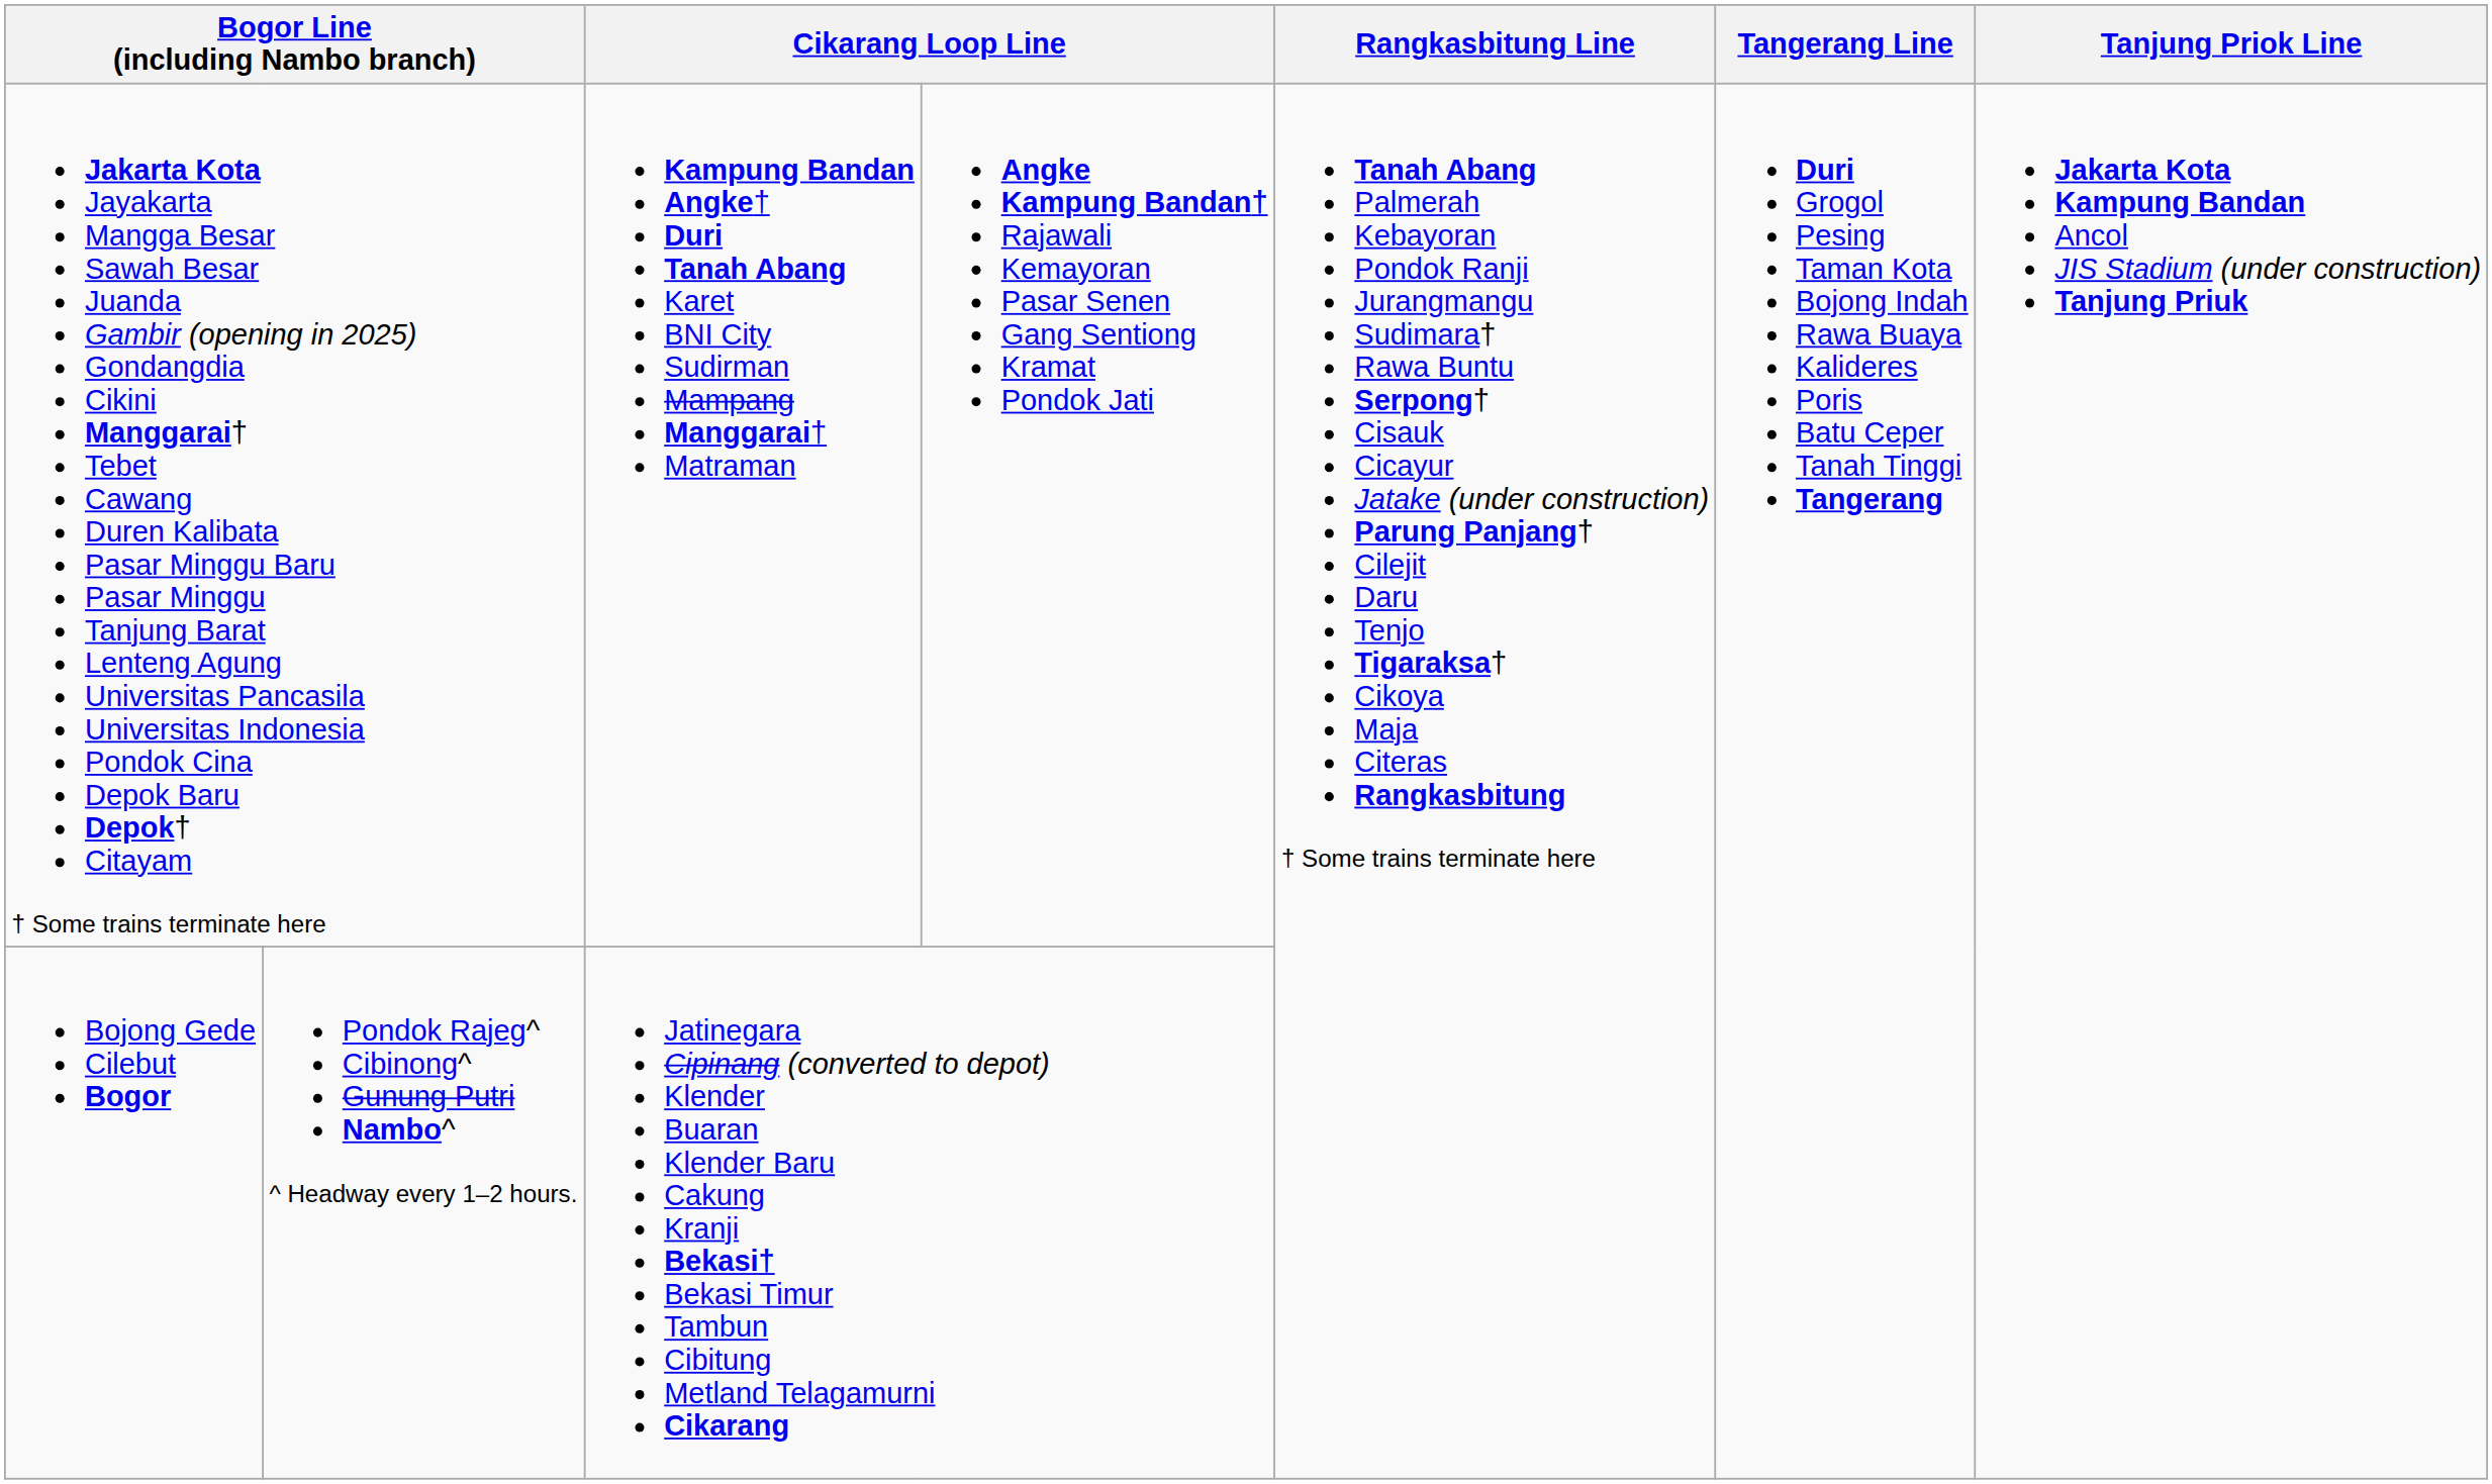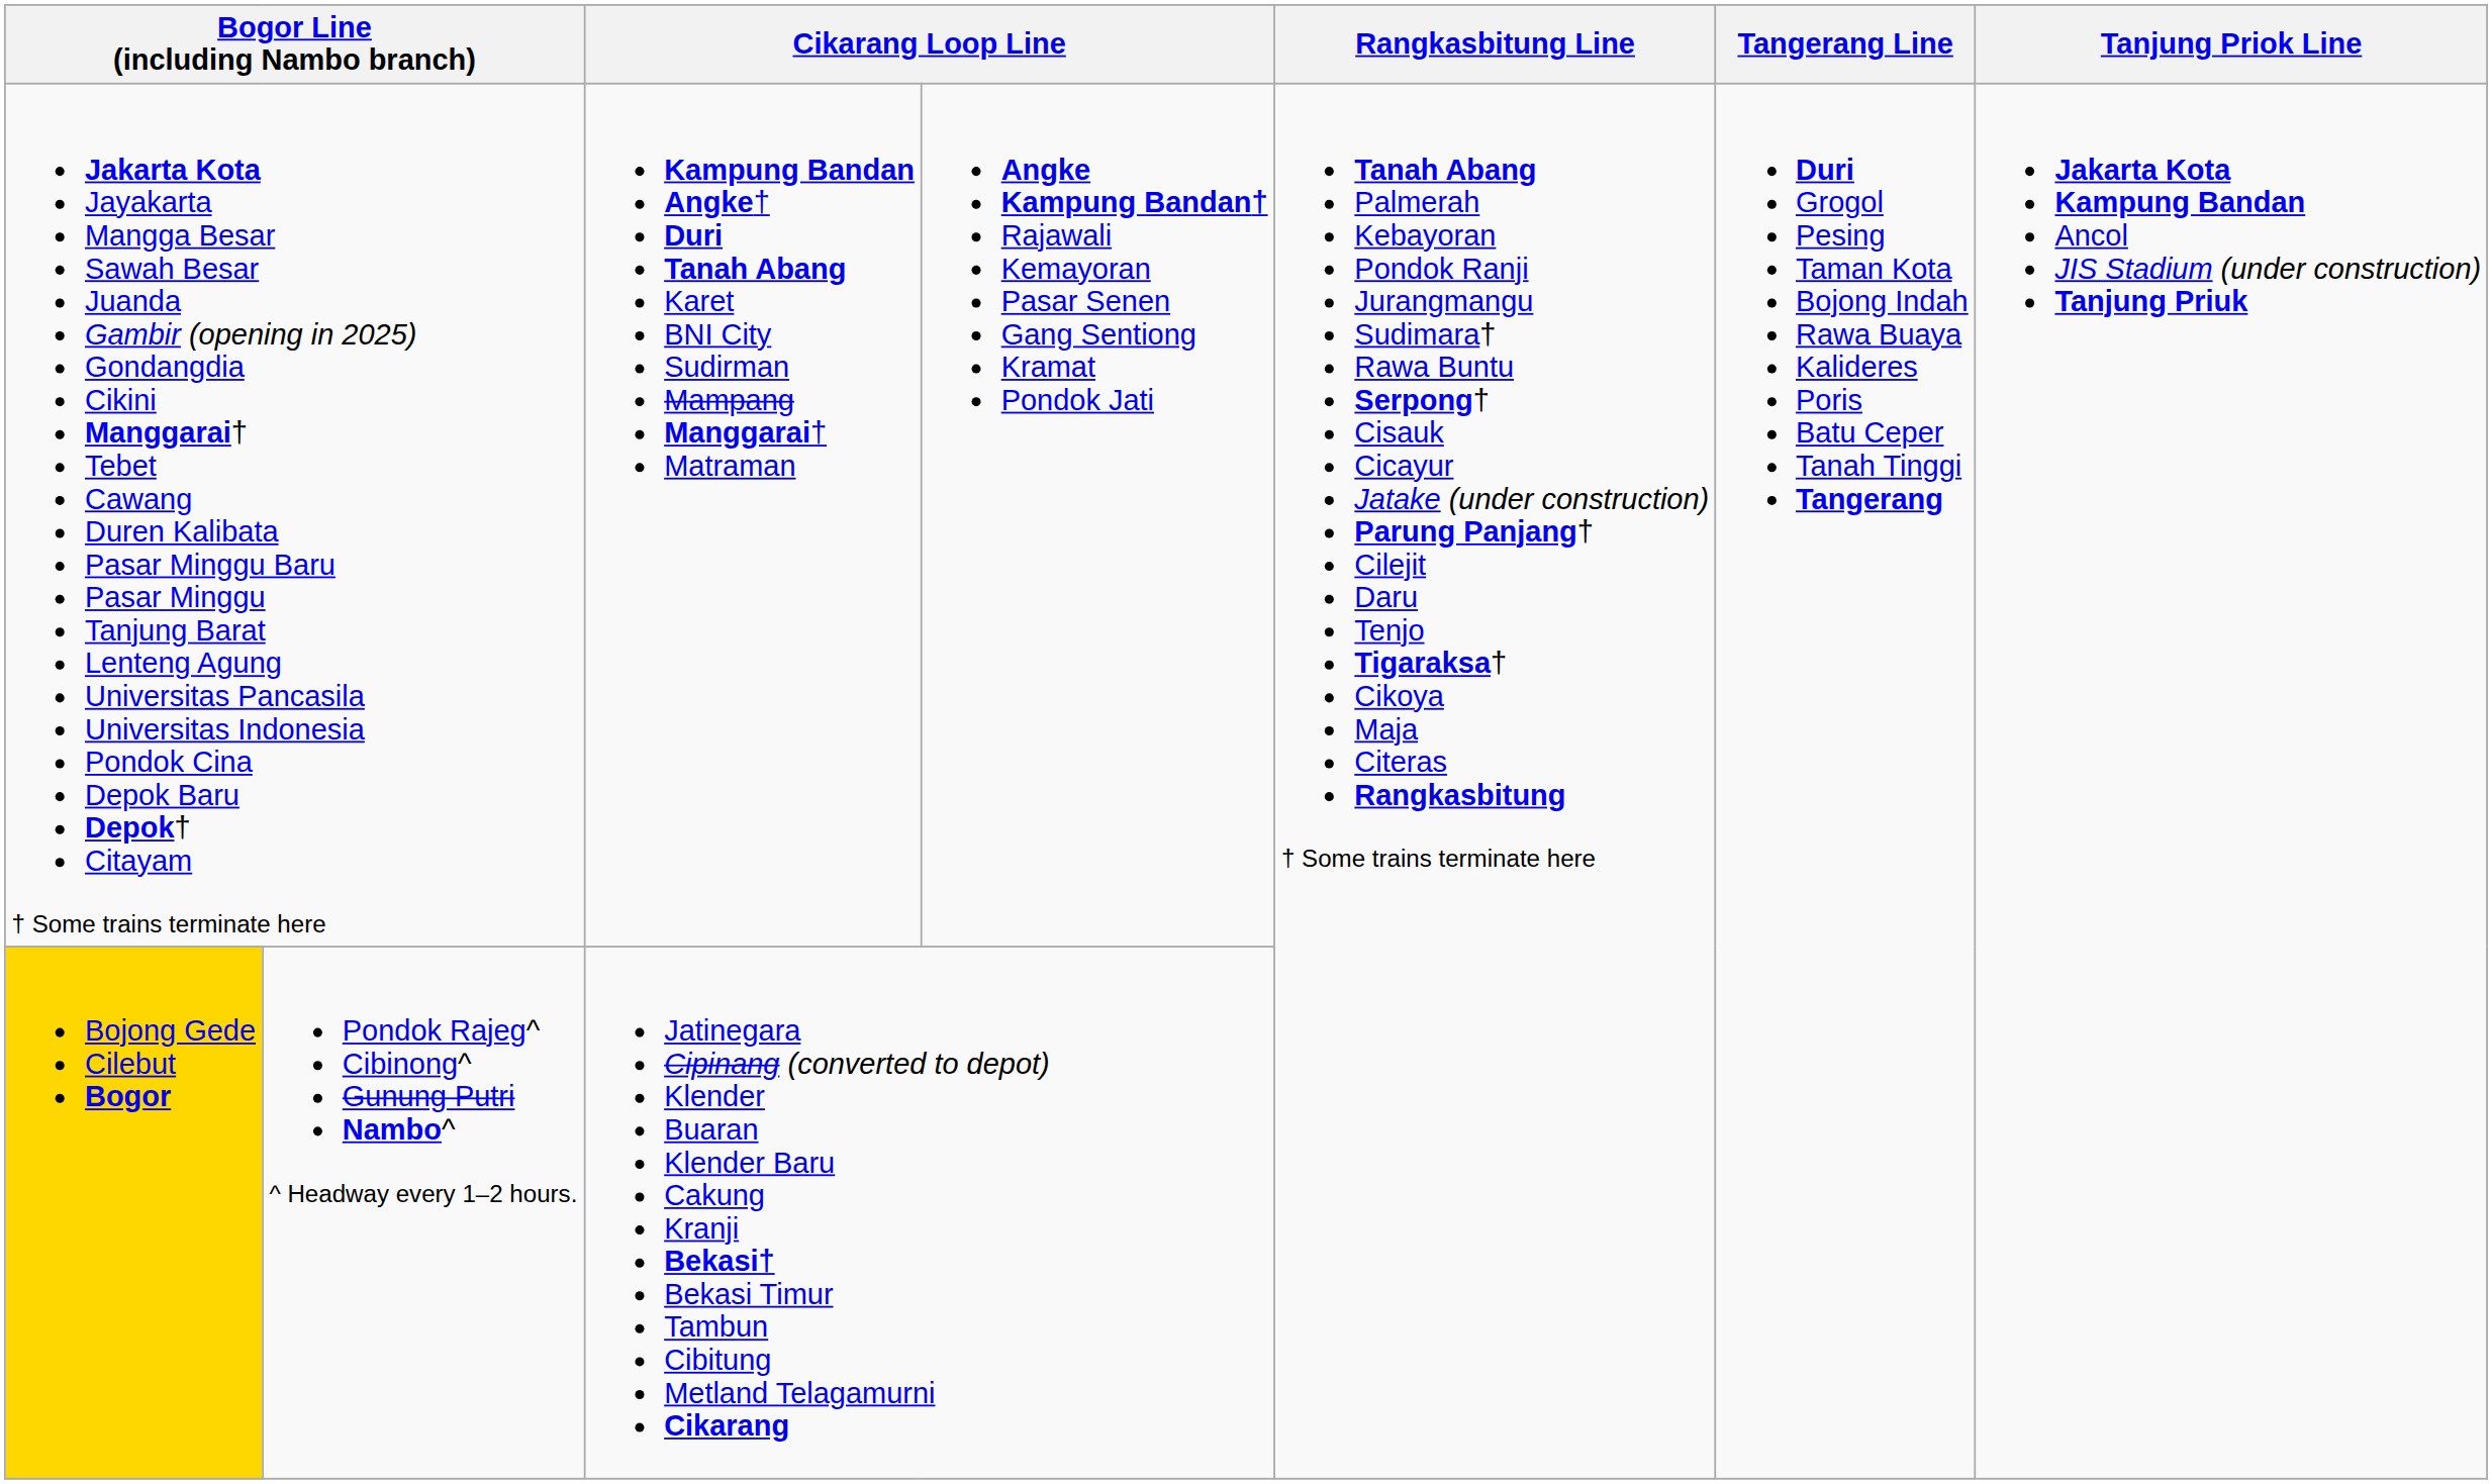 <table class="wikitable">
 <tr>
 <th colspan="2"> <a href='#'>Bogor Line</a><br>(including Nambo branch)</th>
 <th colspan="2"> <a href='#'>Cikarang Loop Line</a></th>
 <th> <a href='#'>Rangkasbitung Line</a></th>
 <th> <a href='#'>Tangerang Line</a></th>
 <th> <a href='#'>Tanjung Priok Line</a></th>
 </tr>
 <tr>
 <td colspan="2" valign="top"><br><ul><li><strong><a href='#'>Jakarta Kota</a></strong></li><li><a href='#'>Jayakarta</a></li><li><a href='#'>Mangga Besar</a></li><li><a href='#'>Sawah Besar</a></li><li><a href='#'>Juanda</a></li><li><em><a href='#'>Gambir</a> (opening in 2025)</em></li><li><a href='#'>Gondangdia</a></li><li><a href='#'>Cikini</a></li><li><strong><a href='#'>Manggarai</a></strong>†</li><li><a href='#'>Tebet</a></li><li><a href='#'>Cawang</a></li><li><a href='#'>Duren Kalibata</a></li><li><a href='#'>Pasar Minggu Baru</a></li><li><a href='#'>Pasar Minggu</a></li><li><a href='#'>Tanjung Barat</a></li><li><a href='#'>Lenteng Agung</a></li><li><a href='#'>Universitas Pancasila</a></li><li><a href='#'>Universitas Indonesia</a></li><li><a href='#'>Pondok Cina</a></li><li><a href='#'>Depok Baru</a></li><li><strong><a href='#'>Depok</a></strong>†</li><li><a href='#'>Citayam</a></li></ul><small>† Some trains terminate here</small></td>
 <td valign="top"><br><ul><li><a href='#'><strong>Kampung Bandan</strong></a></li><li><a href='#'><strong>Angke</strong>†</a></li><li><a href='#'><strong>Duri</strong></a></li><li><a href='#'><strong>Tanah Abang</strong></a></li><li><a href='#'>Karet</a></li><li><a href='#'>BNI City</a></li><li><a href='#'>Sudirman</a></li><li><a href='#'><s>Mampang</s></a></li><li><strong><a href='#'>Manggarai</a></strong><a href='#'>†</a></li><li><a href='#'>Matraman</a></li></ul></td>
 <td valign="top"><br><ul><li><strong><a href='#'>Angke</a></strong></li><li><a href='#'><strong>Kampung Bandan</strong></a><strong><a href='#'>†</a></strong></li><li><a href='#'>Rajawali</a></li><li><a href='#'>Kemayoran</a></li><li><a href='#'>Pasar Senen</a></li><li><a href='#'>Gang Sentiong</a></li><li><a href='#'>Kramat</a></li><li><a href='#'>Pondok Jati</a></li></ul></td>
 <td rowspan="2" valign="top"><br><ul><li><strong><a href='#'>Tanah Abang</a></strong></li><li><a href='#'>Palmerah</a></li><li><a href='#'>Kebayoran</a></li><li><a href='#'>Pondok Ranji</a></li><li><a href='#'>Jurangmangu</a></li><li><a href='#'>Sudimara</a>†</li><li><a href='#'>Rawa Buntu</a></li><li><strong><a href='#'>Serpong</a></strong>†</li><li><a href='#'>Cisauk</a></li><li><a href='#'>Cicayur</a></li><li><em><a href='#'>Jatake</a> (under construction)</em></li><li><strong><a href='#'>Parung Panjang</a></strong>†</li><li><a href='#'>Cilejit</a></li><li><a href='#'>Daru</a></li><li><a href='#'>Tenjo</a></li><li><strong><a href='#'>Tigaraksa</a></strong>†</li><li><a href='#'>Cikoya</a></li><li><a href='#'>Maja</a></li><li><a href='#'>Citeras</a></li><li><strong><a href='#'>Rangkasbitung</a></strong></li></ul><small>† Some trains terminate here</small></td>
 <td rowspan="2" valign="top"><br><ul><li><strong><a href='#'>Duri</a></strong></li><li><a href='#'>Grogol</a></li><li><a href='#'>Pesing</a></li><li><a href='#'>Taman Kota</a></li><li><a href='#'>Bojong Indah</a></li><li><a href='#'>Rawa Buaya</a></li><li><a href='#'>Kalideres</a></li><li><a href='#'>Poris</a></li><li><a href='#'>Batu Ceper</a></li><li><a href='#'>Tanah Tinggi</a></li><li><strong><a href='#'>Tangerang</a></strong></li></ul></td>
 <td rowspan="2" valign="top"><br><ul><li><strong><a href='#'>Jakarta Kota</a></strong></li><li><strong><a href='#'>Kampung Bandan</a></strong></li><li><a href='#'>Ancol</a></li><li><em><a href='#'>JIS Stadium</a> (under construction)</em></li><li><strong><a href='#'>Tanjung Priuk</a></strong></li></ul></td>
 </tr>
 <tr>
-<td valign="top"><br><ul><li><a href='#'>Bojong Gede</a></li><li><a href='#'>Cilebut</a></li><li><strong><a href='#'>Bogor</a></strong></li></ul></td>
+<td valign="top" style="background: gold;"><br><ul><li><a href='#'>Bojong Gede</a></li><li><a href='#'>Cilebut</a></li><li><strong><a href='#'>Bogor</a></strong></li></ul></td>
 <td valign="top"><br><ul><li><a href='#'>Pondok Rajeg</a>^</li><li><a href='#'>Cibinong</a>^</li><li><a href='#'><s>Gunung Putri</s></a></li><li><strong><a href='#'>Nambo</a></strong>^</li></ul><small>^ Headway every 1–2 hours.</small></td>
 <td colspan="2" valign="top"><br><ul><li><a href='#'>Jatinegara</a></li><li><em><a href='#'><s>Cipinang</s></a> (converted to depot)</em></li><li><a href='#'>Klender</a></li><li><a href='#'>Buaran</a></li><li><a href='#'>Klender Baru</a></li><li><a href='#'>Cakung</a></li><li><a href='#'>Kranji</a></li><li><strong><a href='#'>Bekasi†</a></strong></li><li><a href='#'>Bekasi Timur</a></li><li><a href='#'>Tambun</a></li><li><a href='#'>Cibitung</a></li><li><a href='#'>Metland Telagamurni</a></li><li><strong><a href='#'>Cikarang</a></strong></li></ul></td>
 </tr>
 </table>
